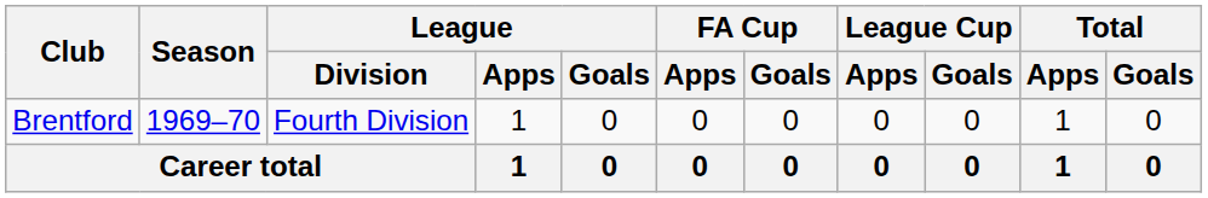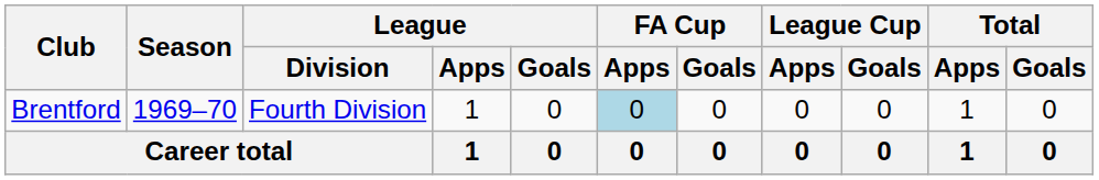 <table class="wikitable" style="text-align: center;">
 <tr>
 <th rowspan="2">Club</th>
 <th rowspan="2">Season</th>
 <th colspan="3">League</th>
 <th colspan="2">FA Cup</th>
 <th colspan="2">League Cup</th>
 <th colspan="2">Total</th>
 </tr>
 <tr>
 <th>Division</th>
 <th>Apps</th>
 <th>Goals</th>
 <th>Apps</th>
 <th>Goals</th>
 <th>Apps</th>
 <th>Goals</th>
 <th>Apps</th>
 <th>Goals</th>
 </tr>
 <tr>
 <td><a href='#'>Brentford</a></td>
 <td><a href='#'>1969–70</a></td>
 <td><a href='#'>Fourth Division</a></td>
 <td>1</td>
 <td>0</td>
-<td>0</td>
+<td style="background: lightblue;">0</td>
 <td>0</td>
 <td>0</td>
 <td>0</td>
 <td>1</td>
 <td>0</td>
 </tr>
 <tr>
 <th colspan="3">Career total</th>
 <th>1</th>
 <th>0</th>
 <th>0</th>
 <th>0</th>
 <th>0</th>
 <th>0</th>
 <th>1</th>
 <th>0</th>
 </tr>
 </table>
